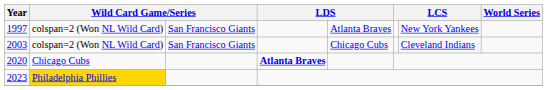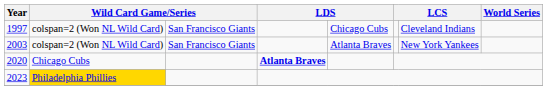 <table class="wikitable">
 <tr>
 <th>Year</th>
 <th colspan=2><a href='#'><span>Wild Card Game/Series</span></a></th>
 <th colspan=2><a href='#'><span>LDS</span></a></th>
 <th colspan=2><a href='#'><span>LCS</span></a></th>
 <th colspan=2><a href='#'><span>World Series</span></a></th>
 </tr>
 <tr>
 <td align=center><a href='#'>1997</a></td>
 <td>colspan=2  (Won <a href='#'>NL Wild Card</a>)</td>
 <td><a href='#'>San Francisco Giants</a></td>
 <td></td>
-<td><a href='#'>Atlanta Braves</a></td>
+<td><a href='#'>Chicago Cubs</a></td>
 <td></td>
-<td><a href='#'>New York Yankees</a></td>
+<td><a href='#'>Cleveland Indians</a></td>
 <td></td>
 </tr>
 <tr>
 <td align=center><a href='#'>2003</a></td>
 <td>colspan=2  (Won <a href='#'>NL Wild Card</a>)</td>
 <td><a href='#'>San Francisco Giants</a></td>
 <td></td>
-<td><a href='#'>Chicago Cubs</a></td>
+<td><a href='#'>Atlanta Braves</a></td>
 <td></td>
-<td><a href='#'>Cleveland Indians</a></td>
+<td><a href='#'>New York Yankees</a></td>
 <td></td>
 </tr>
 <tr>
 <td align=center><a href='#'>2020</a></td>
 <td><a href='#'>Chicago Cubs</a></td>
 <td></td>
 <td><strong><a href='#'>Atlanta Braves</a></strong></td>
 <td></td>
 </tr>
 <tr>
 <td align=center><a href='#'>2023</a></td>
 <td style="background: gold;"><a href='#'>Philadelphia Phillies</a></td>
 <td></td>
 <td colspan=6></td>
 </tr>
 <tr>
 </tr>
 </table>
